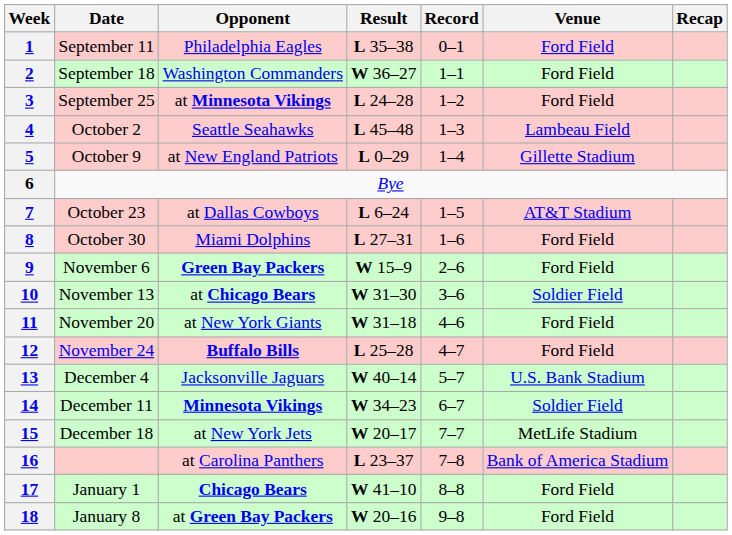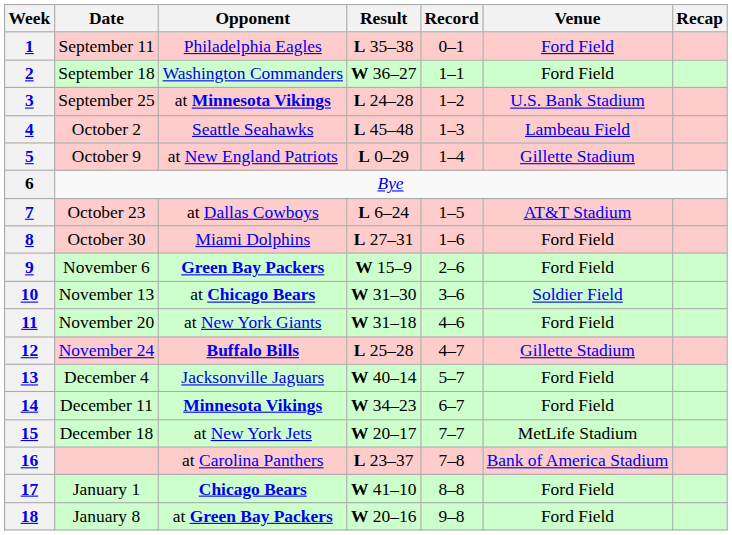 <table class="wikitable" style="text-align:center">
 <tr>
 <th>Week</th>
 <th>Date</th>
 <th>Opponent</th>
 <th>Result</th>
 <th>Record</th>
 <th>Venue</th>
 <th>Recap</th>
 </tr>
 <tr style="background:#fcc">
 <th><a href='#'>1</a></th>
 <td>September 11</td>
 <td><a href='#'>Philadelphia Eagles</a></td>
 <td><strong>L</strong> 35–38</td>
 <td>0–1</td>
 <td><a href='#'>Ford Field</a></td>
 <td></td>
 </tr>
 <tr style="background:#cfc">
 <th><a href='#'>2</a></th>
 <td>September 18</td>
 <td><a href='#'>Washington Commanders</a></td>
 <td><strong>W</strong> 36–27</td>
 <td>1–1</td>
 <td>Ford Field</td>
 <td></td>
 </tr>
 <tr style="background:#fcc">
 <th><a href='#'>3</a></th>
 <td>September 25</td>
 <td>at <strong><a href='#'>Minnesota Vikings</a></strong></td>
 <td><strong>L</strong> 24–28</td>
 <td>1–2</td>
-<td>Ford Field</td>
+<td><a href='#'>U.S. Bank Stadium</a></td>
 <td></td>
 </tr>
 <tr style="background:#fcc">
 <th><a href='#'>4</a></th>
 <td>October 2</td>
 <td><a href='#'>Seattle Seahawks</a></td>
 <td><strong>L</strong> 45–48</td>
 <td>1–3</td>
 <td><a href='#'>Lambeau Field</a></td>
 <td></td>
 </tr>
 <tr style="background:#fcc">
 <th><a href='#'>5</a></th>
 <td>October 9</td>
 <td>at <a href='#'>New England Patriots</a></td>
 <td><strong>L</strong> 0–29</td>
 <td>1–4</td>
 <td><a href='#'>Gillette Stadium</a></td>
 <td></td>
 </tr>
 <tr>
 <th>6</th>
 <td colspan="6"><em><a href='#'>Bye</a></em></td>
 </tr>
 <tr style="background:#fcc">
 <th><a href='#'>7</a></th>
 <td>October 23</td>
 <td>at <a href='#'>Dallas Cowboys</a></td>
 <td><strong>L</strong> 6–24</td>
 <td>1–5</td>
 <td><a href='#'>AT&T Stadium</a></td>
 <td></td>
 </tr>
 <tr style="background:#fcc">
 <th><a href='#'>8</a></th>
 <td>October 30</td>
 <td><a href='#'>Miami Dolphins</a></td>
 <td><strong>L</strong> 27–31</td>
 <td>1–6</td>
 <td>Ford Field</td>
 <td></td>
 </tr>
 <tr style="background:#cfc">
 <th><a href='#'>9</a></th>
 <td>November 6</td>
 <td><strong><a href='#'>Green Bay Packers</a></strong></td>
 <td><strong>W</strong> 15–9</td>
 <td>2–6</td>
 <td>Ford Field</td>
 <td></td>
 </tr>
 <tr style="background:#cfc">
 <th><a href='#'>10</a></th>
 <td>November 13</td>
 <td>at <strong><a href='#'>Chicago Bears</a></strong></td>
 <td><strong>W</strong> 31–30</td>
 <td>3–6</td>
 <td><a href='#'>Soldier Field</a></td>
 <td></td>
 </tr>
 <tr style="background:#cfc">
 <th><a href='#'>11</a></th>
 <td>November 20</td>
 <td>at <a href='#'>New York Giants</a></td>
 <td><strong>W</strong> 31–18</td>
 <td>4–6</td>
 <td>Ford Field</td>
 <td></td>
 </tr>
 <tr style="background:#fcc">
 <th><a href='#'>12</a></th>
 <td><a href='#'>November 24</a></td>
 <td><strong><a href='#'>Buffalo Bills</a></strong></td>
 <td><strong>L</strong> 25–28</td>
 <td>4–7</td>
-<td>Ford Field</td>
+<td><a href='#'>Gillette Stadium</a></td>
 <td></td>
 </tr>
 <tr style="background:#cfc">
 <th><a href='#'>13</a></th>
 <td>December 4</td>
 <td><a href='#'>Jacksonville Jaguars</a></td>
 <td><strong>W</strong> 40–14</td>
 <td>5–7</td>
-<td><a href='#'>U.S. Bank Stadium</a></td>
+<td>Ford Field</td>
 <td></td>
 </tr>
 <tr style="background:#cfc">
 <th><a href='#'>14</a></th>
 <td>December 11</td>
 <td><strong><a href='#'>Minnesota Vikings</a></strong></td>
 <td><strong>W</strong> 34–23</td>
 <td>6–7</td>
-<td><a href='#'>Soldier Field</a></td>
+<td>Ford Field</td>
 <td></td>
 </tr>
 <tr style="background:#cfc">
 <th><a href='#'>15</a></th>
 <td>December 18</td>
 <td>at <a href='#'>New York Jets</a></td>
 <td><strong>W</strong> 20–17</td>
 <td>7–7</td>
 <td>MetLife Stadium</td>
 <td></td>
 </tr>
 <tr style="background:#fcc">
 <th><a href='#'>16</a></th>
 <td></td>
 <td>at <a href='#'>Carolina Panthers</a></td>
 <td><strong>L</strong> 23–37</td>
 <td>7–8</td>
 <td><a href='#'>Bank of America Stadium</a></td>
 <td></td>
 </tr>
 <tr style="background:#cfc">
 <th><a href='#'>17</a></th>
 <td>January 1</td>
 <td><strong><a href='#'>Chicago Bears</a></strong></td>
 <td><strong>W</strong> 41–10</td>
 <td>8–8</td>
 <td>Ford Field</td>
 <td></td>
 </tr>
 <tr style="background:#cfc">
 <th><a href='#'>18</a></th>
 <td>January 8</td>
 <td>at <strong><a href='#'>Green Bay Packers</a></strong></td>
 <td><strong>W</strong> 20–16</td>
 <td>9–8</td>
 <td>Ford Field</td>
 <td></td>
 </tr>
 </table>
